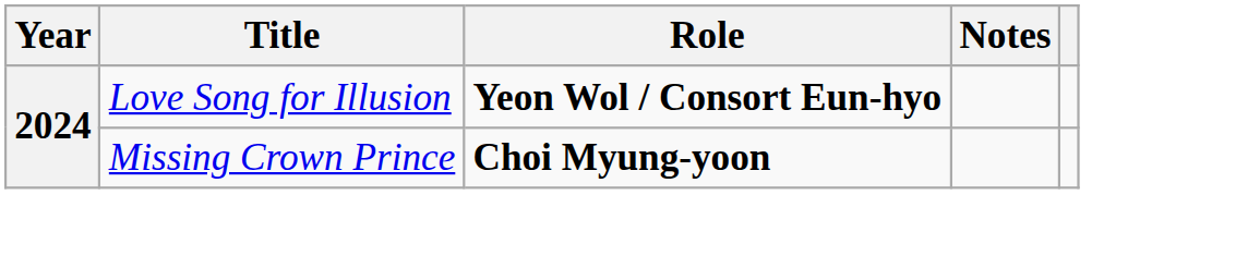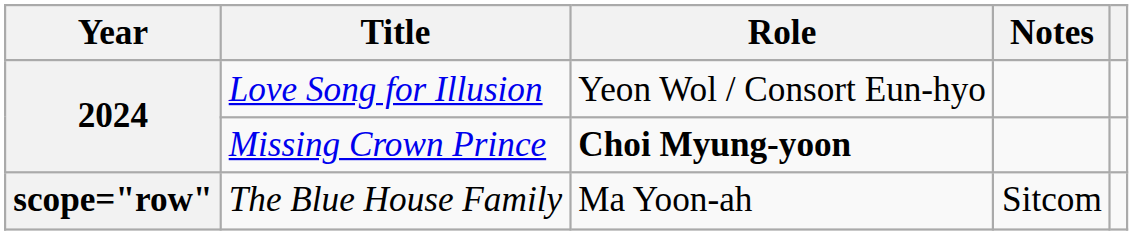 <table class="wikitable plainrowheaders sortable">
 <tr>
 <th scope="col">Year</th>
 <th scope="col">Title</th>
 <th scope="col">Role</th>
 <th scope="col">Notes</th>
 <th scope="col" class="unsortable"></th>
 </tr>
 <tr>
 <th scope="row" rowspan="2">2024</th>
 <td><em><a href='#'>Love Song for Illusion</a></em></td>
-<td><strong>Yeon Wol / Consort Eun-hyo</strong></td>
+<td>Yeon Wol / Consort Eun-hyo</td>
 <td></td>
 <td style="text-align:center"></td>
 </tr>
 <tr>
 <td><em><a href='#'>Missing Crown Prince</a></em></td>
 <td><strong>Choi Myung-yoon</strong></td>
 <td></td>
 <td style="text-align:center"></td>
 </tr>
+<tr>
+<th>scope="row" </th>
+<td><em>The Blue House Family</em></td>
+<td>Ma Yoon-ah</td>
+<td>Sitcom</td>
+<td style="text-align:center"></td>
+</tr>
 </table>
